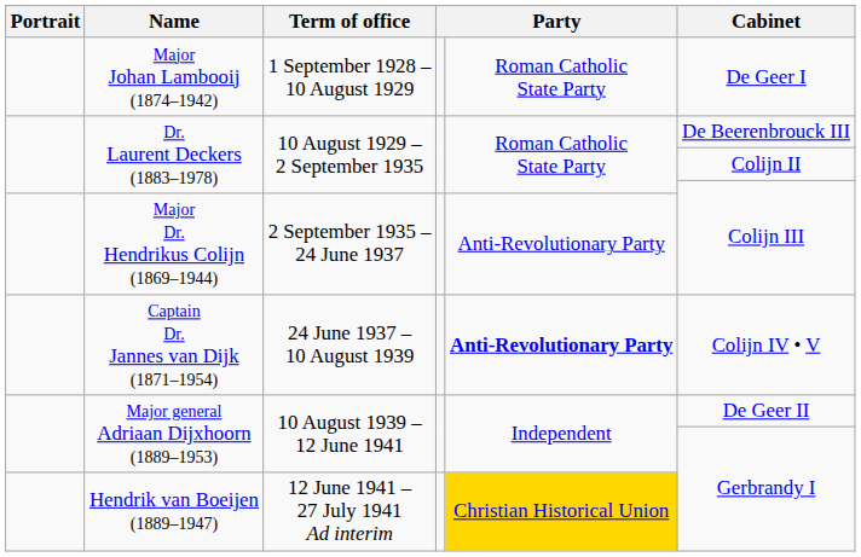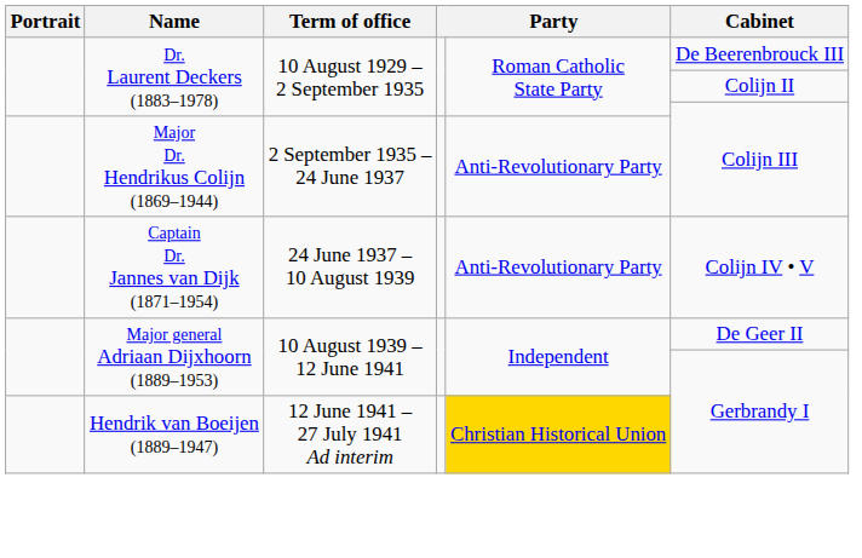 <table class="wikitable" style="text-align:center">
 <tr>
 <th>Portrait</th>
 <th>Name</th>
 <th>Term of office</th>
 <th colspan=2>Party</th>
 <th>Cabinet</th>
-</tr>
-<tr>
-<td></td>
-<td><small><a href='#'>Major</a></small> <br> <a href='#'>Johan Lambooij</a> <br> <small>(1874–1942)</small></td>
-<td>1 September 1928 – <br> 10 August 1929</td>
-<td style="background:"></td>
-<td><a href='#'>Roman Catholic <br> State Party</a></td>
-<td><a href='#'>De Geer I</a> <br></td>
 </tr>
 <tr>
 <td rowspan=3></td>
 <td rowspan=3><small><a href='#'>Dr.</a></small> <br> <a href='#'>Laurent Deckers</a> <br> <small>(1883–1978)</small></td>
 <td rowspan=3>10 August 1929 – <br> 2 September 1935 <br> </td>
 <td rowspan=3 style="background:"></td>
 <td rowspan=3><a href='#'>Roman Catholic <br> State Party</a></td>
 <td><a href='#'>De Beerenbrouck III</a> <br></td>
 </tr>
 <tr>
 <td><a href='#'>Colijn II</a> <br></td>
 </tr>
 <tr>
 <td rowspan=2><a href='#'>Colijn III</a> <br></td>
 </tr>
 <tr>
 <td></td>
 <td><small><a href='#'>Major</a></small> <br> <small><a href='#'>Dr.</a></small> <br> <a href='#'>Hendrikus Colijn</a> <br> <small>(1869–1944)</small></td>
 <td>2 September 1935 – <br> 24 June 1937</td>
 <td style="background:"></td>
 <td><a href='#'>Anti-Revolutionary Party</a></td>
 </tr>
 <tr>
 <td></td>
 <td><small><a href='#'>Captain</a></small> <br> <small><a href='#'>Dr.</a></small> <br> <a href='#'>Jannes van Dijk</a> <br> <small>(1871–1954)</small></td>
 <td>24 June 1937 – <br> 10 August 1939</td>
 <td style="background:"></td>
-<td><strong><a href='#'>Anti-Revolutionary Party</a></strong></td>
+<td><a href='#'>Anti-Revolutionary Party</a></td>
 <td><a href='#'>Colijn IV</a> • <a href='#'>V</a> <br></td>
 </tr>
 <tr>
 <td rowspan=2></td>
 <td rowspan=2><small><a href='#'>Major general</a></small> <br> <a href='#'>Adriaan Dijxhoorn</a> <br> <small>(1889–1953)</small></td>
 <td rowspan=2>10 August 1939 – <br> 12 June 1941</td>
 <td rowspan=2 style="background:"></td>
 <td rowspan=2><a href='#'>Independent</a></td>
 <td><a href='#'>De Geer II</a> <br></td>
 </tr>
 <tr>
 <td rowspan=2><a href='#'>Gerbrandy I</a> <br></td>
 </tr>
 <tr>
 <td></td>
 <td><a href='#'>Hendrik van Boeijen</a> <br> <small>(1889–1947)</small></td>
 <td>12 June 1941 – <br> 27 July 1941 <br> <em>Ad interim</em></td>
 <td style="background:"></td>
 <td style="background: gold;"><a href='#'>Christian Historical Union</a></td>
 </tr>
 </table>
